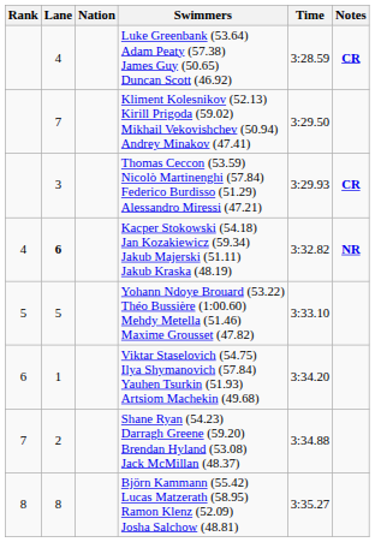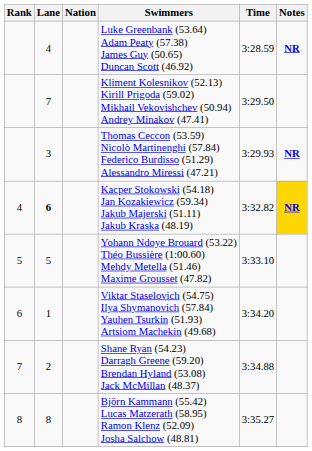 <table class="wikitable sortable" style="text-align:center">
 <tr>
 <th>Rank</th>
 <th>Lane</th>
 <th>Nation</th>
 <th>Swimmers</th>
 <th>Time</th>
 <th>Notes</th>
 </tr>
 <tr>
 <td></td>
 <td>4</td>
 <td align=left></td>
 <td align=left><a href='#'>Luke Greenbank</a> (53.64)<br><a href='#'>Adam Peaty</a> (57.38)<br><a href='#'>James Guy</a> (50.65)<br><a href='#'>Duncan Scott</a> (46.92)</td>
 <td>3:28.59</td>
-<td><strong><a href='#'>CR</a></strong></td>
+<td><strong><a href='#'>NR</a></strong></td>
 </tr>
 <tr>
 <td></td>
 <td>7</td>
 <td align=left></td>
 <td align=left><a href='#'>Kliment Kolesnikov</a> (52.13)<br><a href='#'>Kirill Prigoda</a> (59.02)<br><a href='#'>Mikhail Vekovishchev</a> (50.94)<br><a href='#'>Andrey Minakov</a> (47.41)</td>
 <td>3:29.50</td>
 <td></td>
 </tr>
 <tr>
 <td></td>
 <td>3</td>
 <td align=left></td>
 <td align=left><a href='#'>Thomas Ceccon</a> (53.59)<br><a href='#'>Nicolò Martinenghi</a> (57.84)<br><a href='#'>Federico Burdisso</a> (51.29)<br><a href='#'>Alessandro Miressi</a> (47.21)</td>
 <td>3:29.93</td>
-<td><strong><a href='#'>CR</a></strong></td>
+<td><strong><a href='#'>NR</a></strong></td>
 </tr>
 <tr>
 <td>4</td>
 <td><strong>6</strong></td>
 <td align=left></td>
 <td align=left><a href='#'>Kacper Stokowski</a> (54.18)<br><a href='#'>Jan Kozakiewicz</a> (59.34)<br><a href='#'>Jakub Majerski</a> (51.11)<br><a href='#'>Jakub Kraska</a> (48.19)</td>
 <td>3:32.82</td>
-<td><strong><a href='#'>NR</a></strong></td>
+<td style="background: gold;"><strong><a href='#'>NR</a></strong></td>
 </tr>
 <tr>
 <td>5</td>
 <td>5</td>
 <td align=left></td>
 <td align=left><a href='#'>Yohann Ndoye Brouard</a> (53.22)<br><a href='#'>Théo Bussière</a> (1:00.60)<br><a href='#'>Mehdy Metella</a> (51.46)<br><a href='#'>Maxime Grousset</a> (47.82)</td>
 <td>3:33.10</td>
 <td></td>
 </tr>
 <tr>
 <td>6</td>
 <td>1</td>
 <td align=left></td>
 <td align=left><a href='#'>Viktar Staselovich</a> (54.75)<br><a href='#'>Ilya Shymanovich</a> (57.84)<br><a href='#'>Yauhen Tsurkin</a> (51.93)<br><a href='#'>Artsiom Machekin</a> (49.68)</td>
 <td>3:34.20</td>
 <td></td>
 </tr>
 <tr>
 <td>7</td>
 <td>2</td>
 <td align=left></td>
 <td align=left><a href='#'>Shane Ryan</a> (54.23)<br><a href='#'>Darragh Greene</a> (59.20)<br><a href='#'>Brendan Hyland</a> (53.08)<br><a href='#'>Jack McMillan</a> (48.37)</td>
 <td>3:34.88</td>
 <td></td>
 </tr>
 <tr>
 <td>8</td>
 <td>8</td>
 <td align=left></td>
 <td align=left><a href='#'>Björn Kammann</a> (55.42)<br><a href='#'>Lucas Matzerath</a> (58.95)<br><a href='#'>Ramon Klenz</a> (52.09)<br><a href='#'>Josha Salchow</a> (48.81)</td>
 <td>3:35.27</td>
 <td></td>
 </tr>
 </table>
